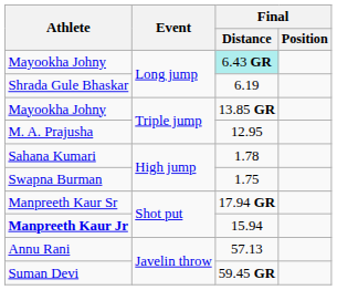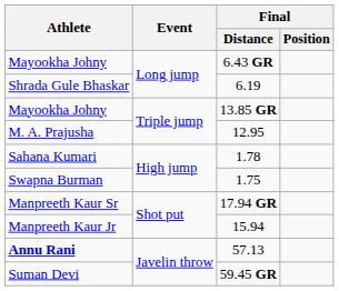 <table class=wikitable style="font-size:90%" style="text-align:center;">
 <tr>
 <th rowspan=2>Athlete</th>
 <th rowspan=2>Event</th>
 <th colspan=2>Final</th>
 </tr>
 <tr style="font-size:95%">
 <th>Distance</th>
 <th>Position</th>
 </tr>
 <tr align=center>
 <td align=left><a href='#'>Mayookha Johny</a></td>
 <td align=left rowspan=2><a href='#'>Long jump</a></td>
-<td style="background: paleturquoise;">6.43 <strong>GR</strong></td>
+<td>6.43 <strong>GR</strong></td>
 <td></td>
 </tr>
 <tr align=center>
 <td align=left><a href='#'>Shrada Gule Bhaskar</a></td>
 <td>6.19</td>
 <td></td>
 </tr>
 <tr align=center>
 <td align=left><a href='#'>Mayookha Johny</a></td>
 <td align=left rowspan=2><a href='#'>Triple jump</a></td>
 <td>13.85 <strong>GR</strong></td>
 <td></td>
 </tr>
 <tr align=center>
 <td align=left><a href='#'>M. A. Prajusha</a></td>
 <td>12.95</td>
 <td></td>
 </tr>
 <tr align=center>
 <td align=left><a href='#'>Sahana Kumari</a></td>
 <td align=left rowspan=2><a href='#'>High jump</a></td>
 <td>1.78</td>
 <td></td>
 </tr>
 <tr align=center>
 <td align=left><a href='#'>Swapna Burman</a></td>
 <td>1.75</td>
 <td></td>
 </tr>
 <tr align=center>
 <td align=left><a href='#'>Manpreeth Kaur Sr</a></td>
 <td align=left rowspan=2><a href='#'>Shot put</a></td>
 <td>17.94 <strong>GR</strong></td>
 <td></td>
 </tr>
 <tr align=center>
-<td align=left><strong><a href='#'>Manpreeth Kaur Jr</a></strong></td>
+<td align=left><a href='#'>Manpreeth Kaur Jr</a></td>
 <td>15.94</td>
 <td></td>
 </tr>
 <tr align=center>
-<td align=left><a href='#'>Annu Rani</a></td>
+<td align=left><strong><a href='#'>Annu Rani</a></strong></td>
 <td align=left rowspan=2><a href='#'>Javelin throw</a></td>
 <td>57.13</td>
 <td></td>
 </tr>
 <tr align=center>
 <td align=left><a href='#'>Suman Devi</a></td>
 <td>59.45 <strong>GR</strong></td>
 <td></td>
 </tr>
 </table>
